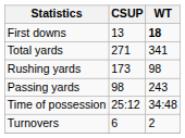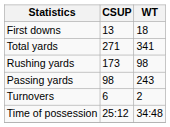 <table class="wikitable" style="float: left;">
 <tr>
 <th>Statistics</th>
 <th>CSUP</th>
 <th>WT</th>
 </tr>
 <tr>
 <td>First downs</td>
 <td>13</td>
-<td><strong>18</strong></td>
+<td>18</td>
 </tr>
 <tr>
 <td>Total yards</td>
 <td>271</td>
 <td>341</td>
 </tr>
 <tr>
 <td>Rushing yards</td>
 <td>173</td>
 <td>98</td>
 </tr>
 <tr>
 <td>Passing yards</td>
 <td>98</td>
 <td>243</td>
 </tr>
 <tr>
+<td>Turnovers</td>
+<td>6</td>
+<td>2</td>
+</tr>
+<tr>
 <td>Time of possession</td>
 <td>25:12</td>
 <td>34:48</td>
 </tr>
 <tr>
-<td>Turnovers</td>
-<td>6</td>
-<td>2</td>
-</tr>
-<tr>
 </tr>
 </table>
